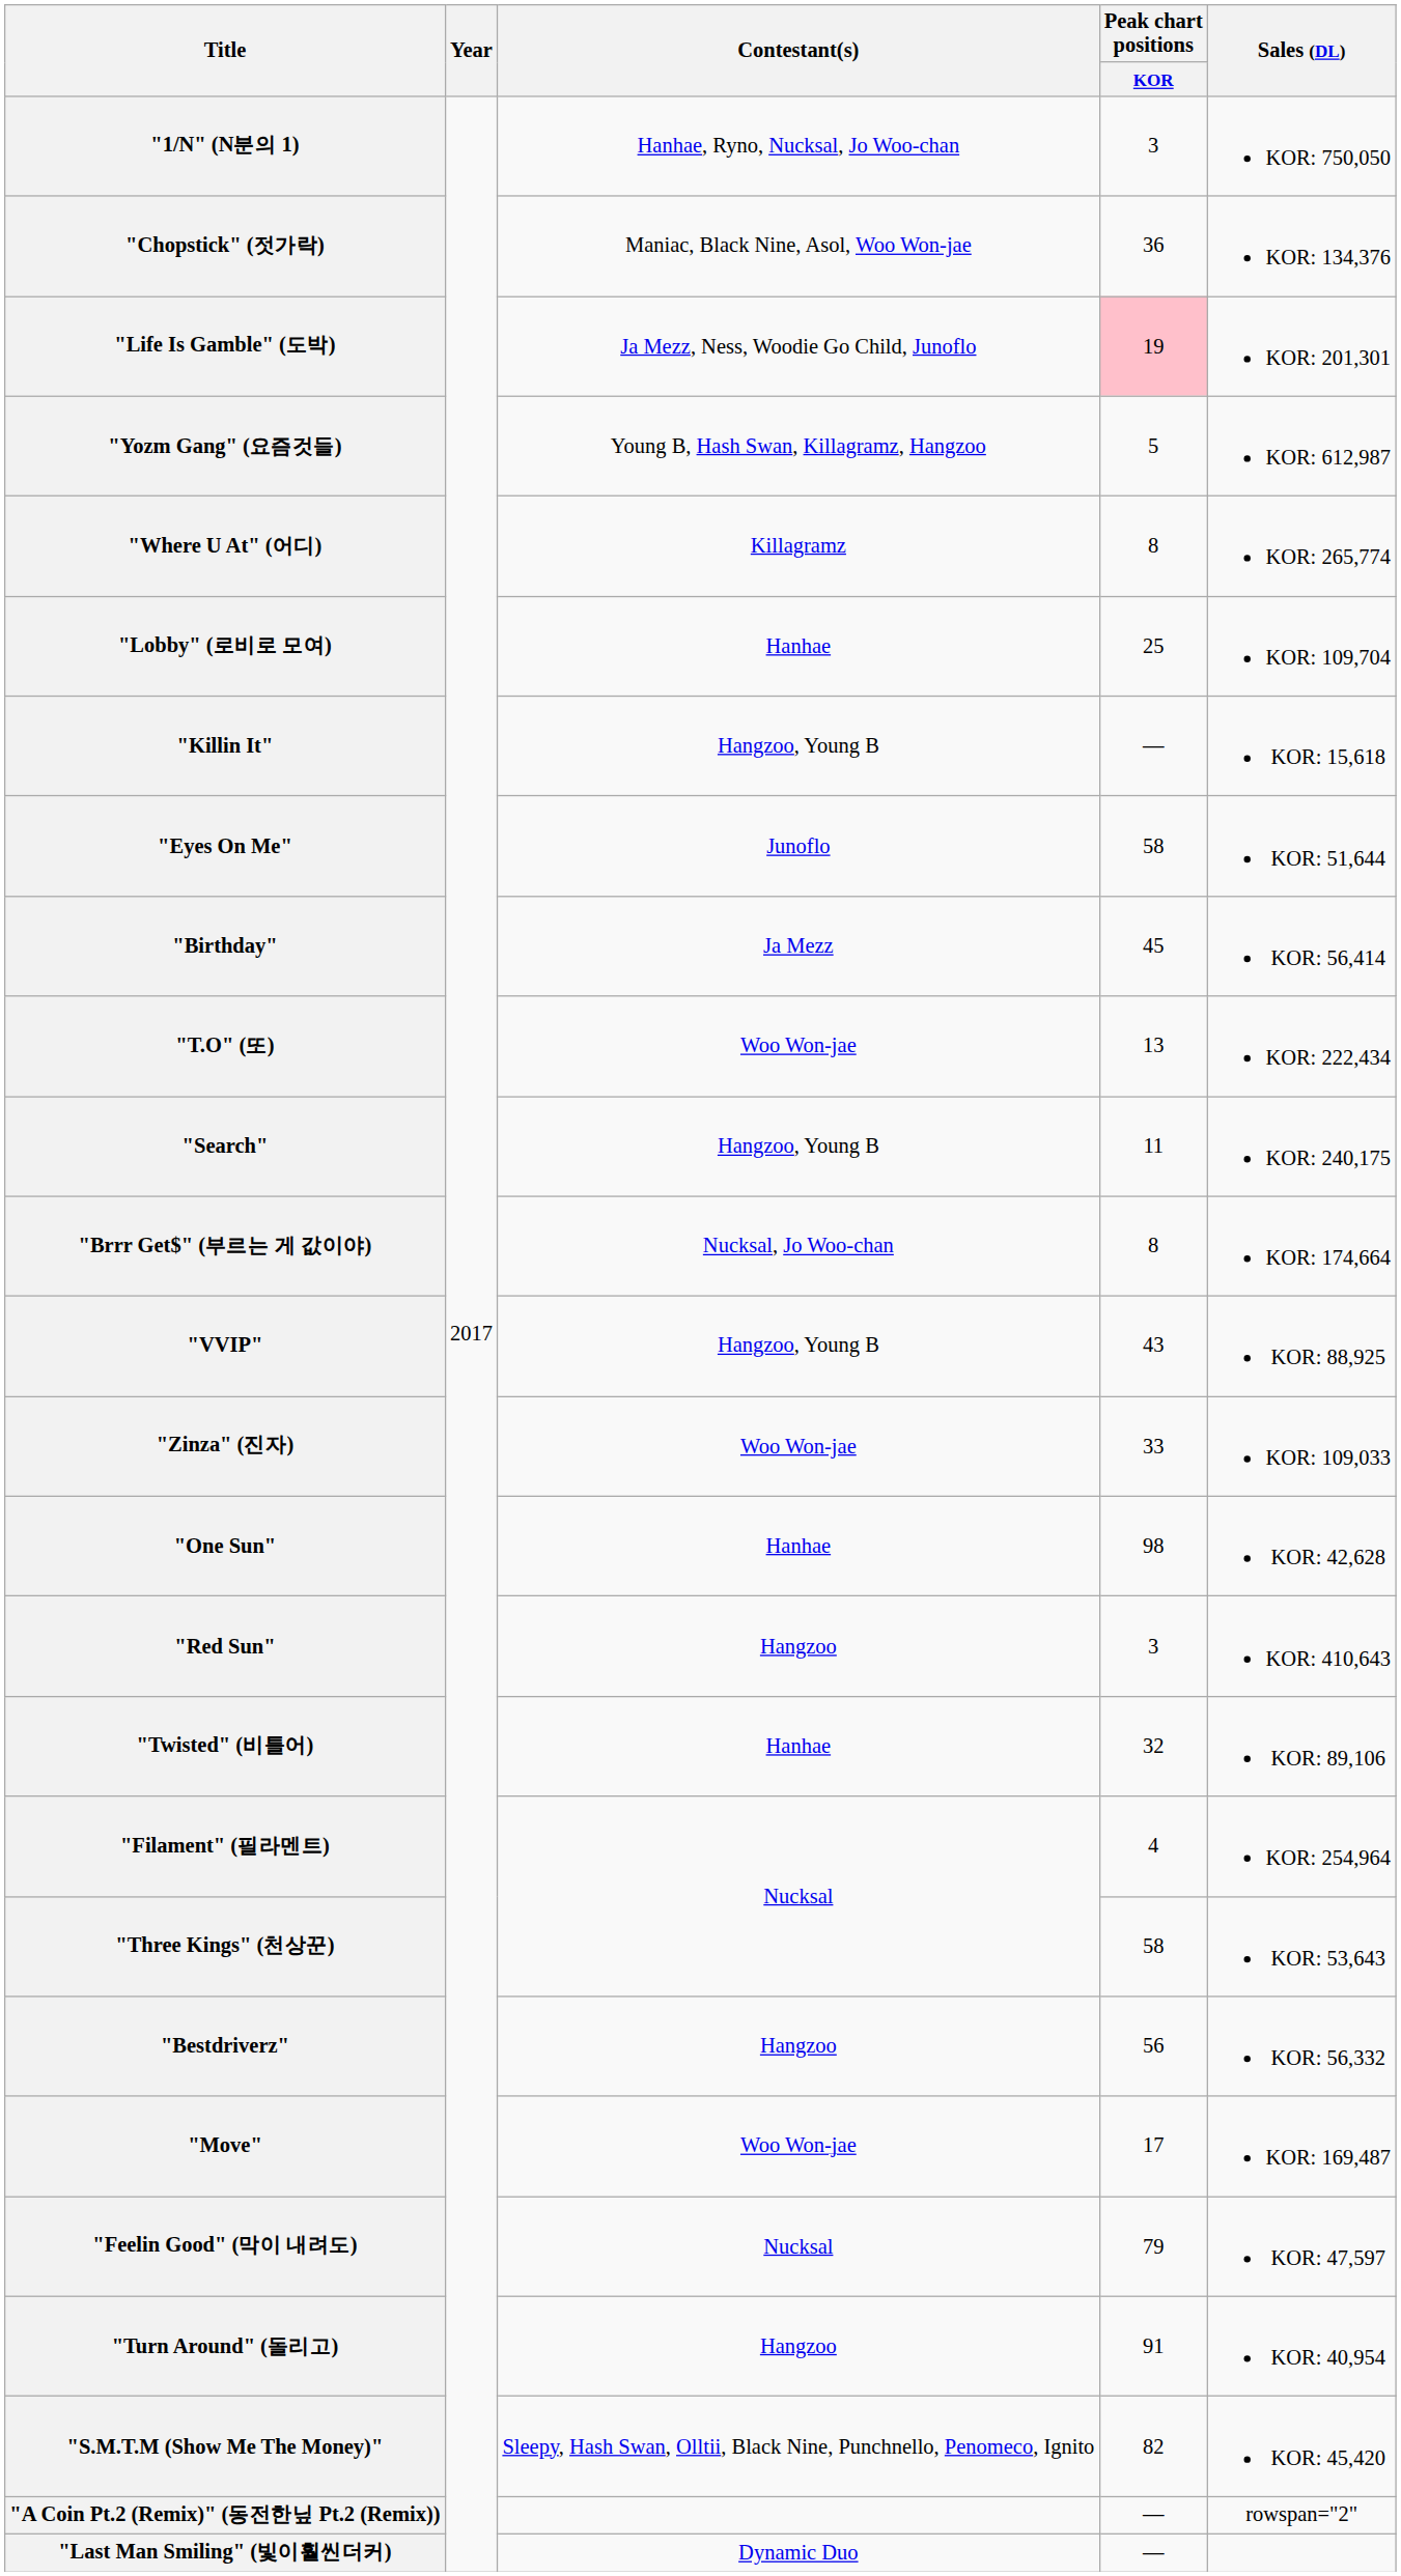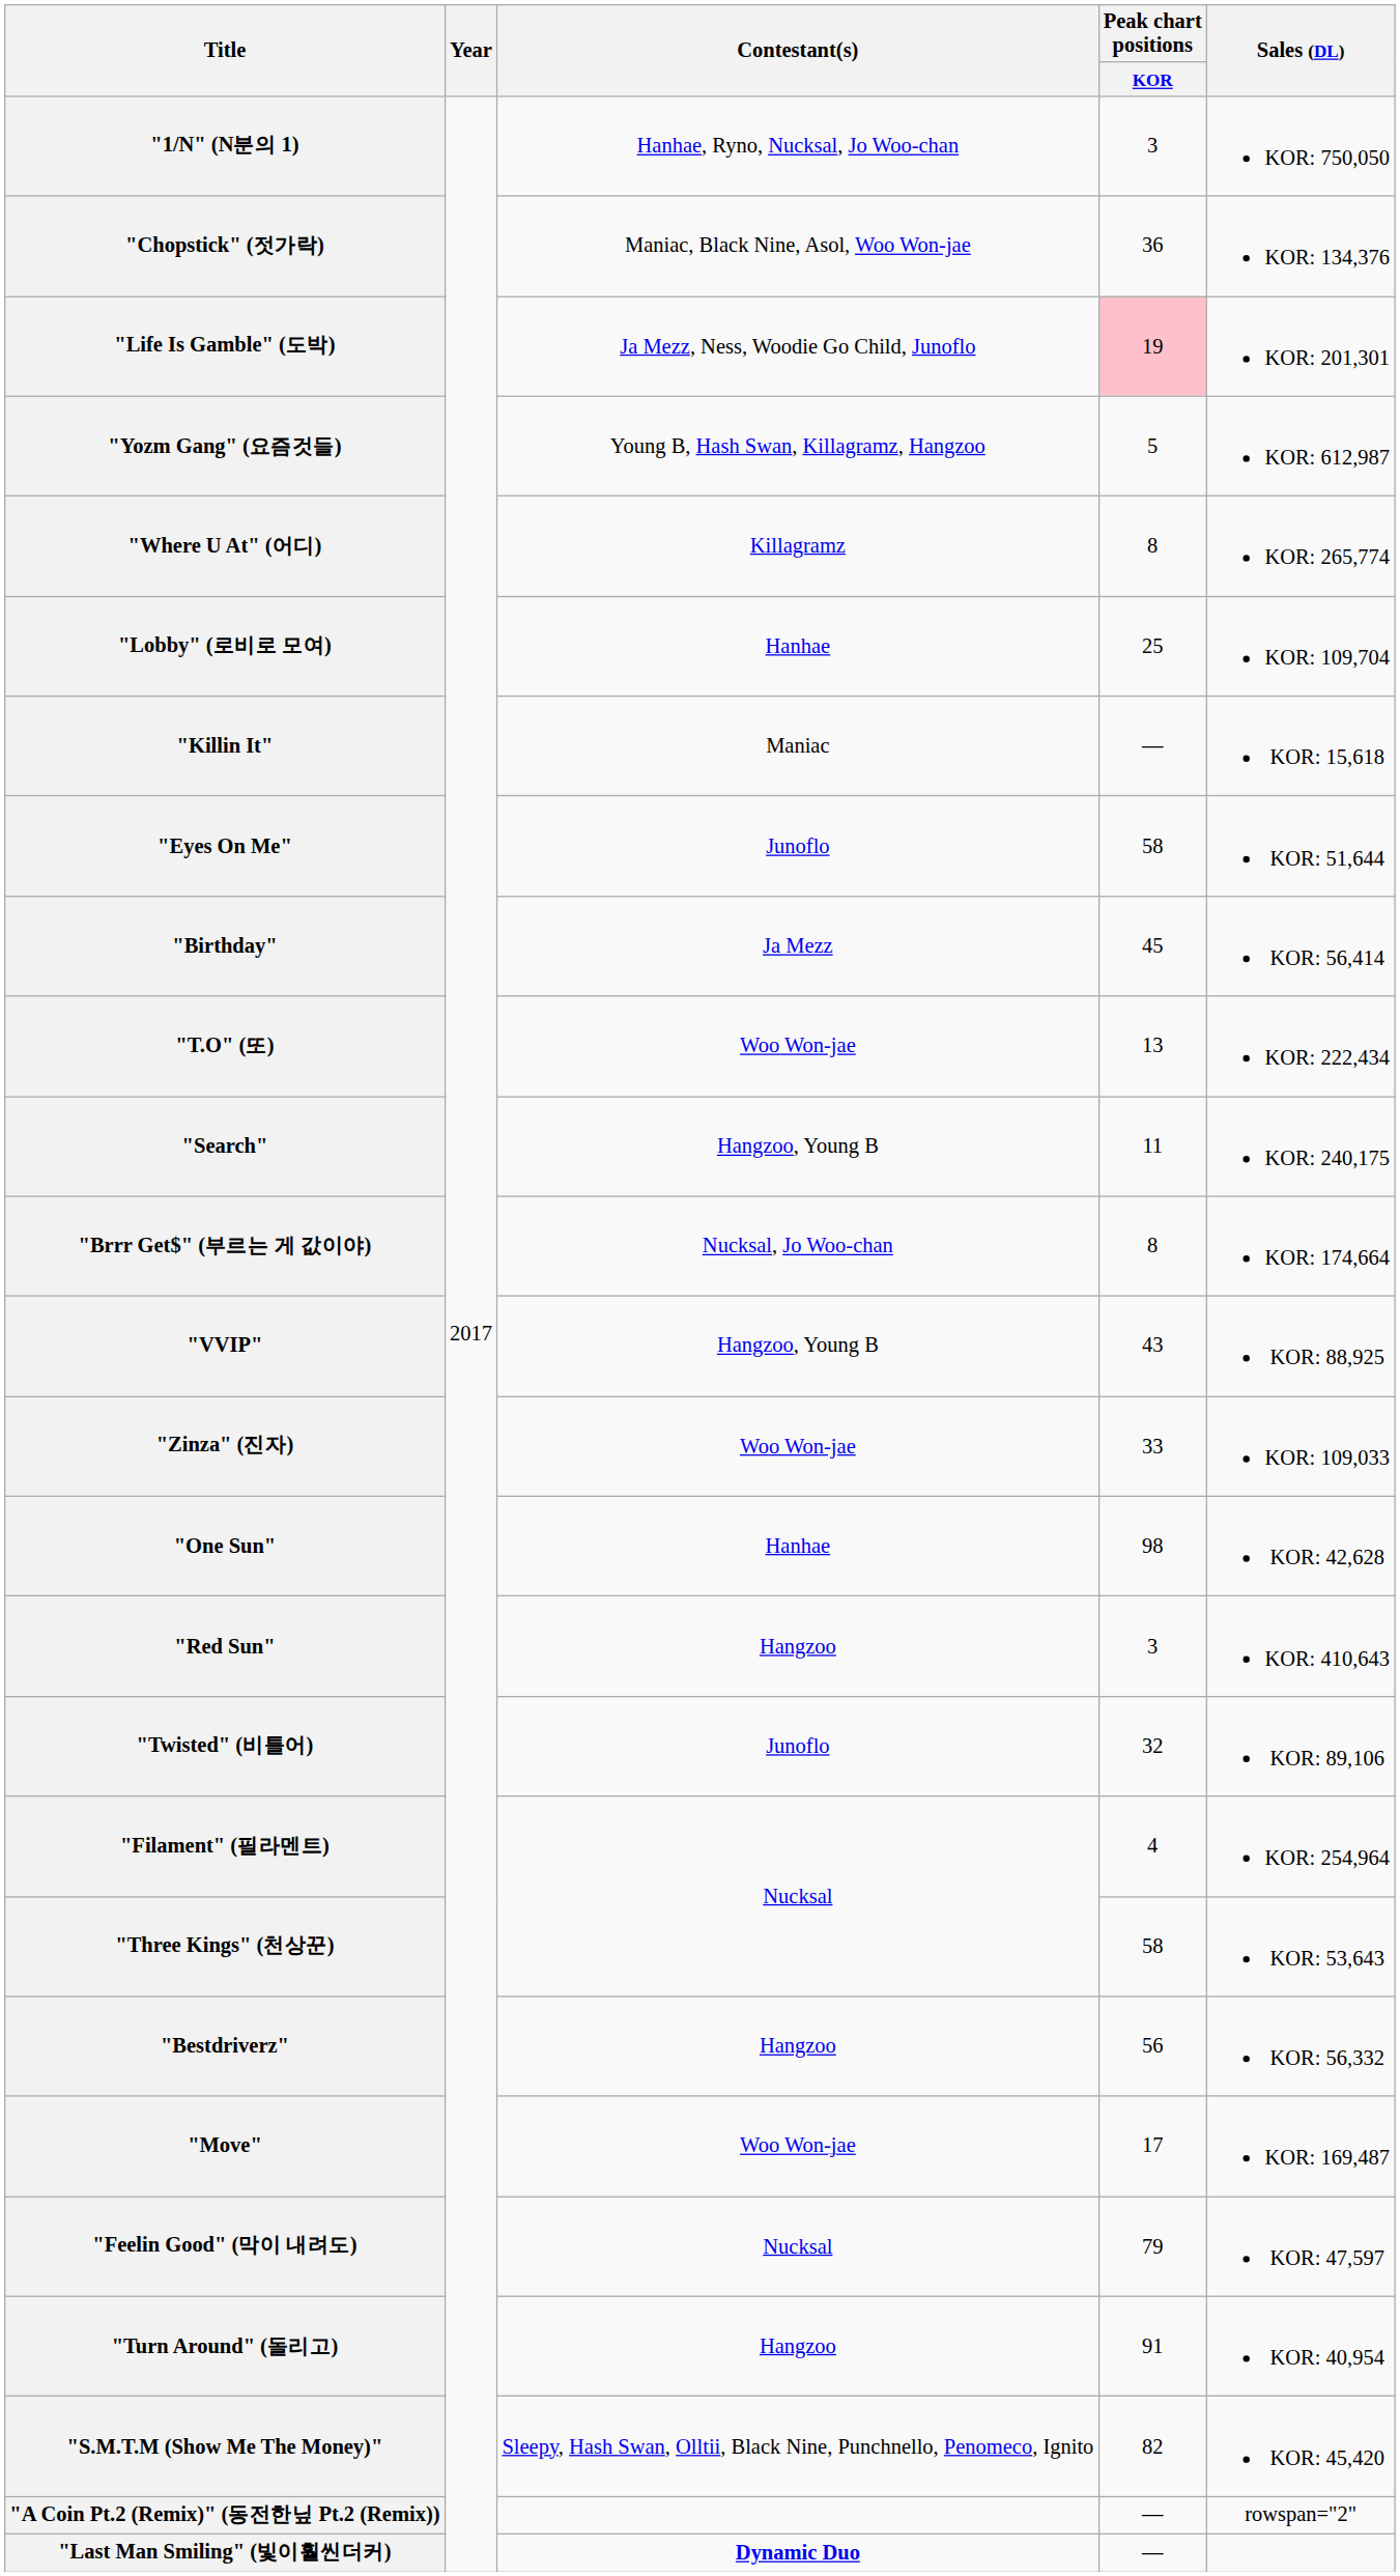 <table class="wikitable plainrowheaders" style="text-align:center">
 <tr>
 <th scope="col" rowspan="2">Title</th>
 <th scope="col" rowspan="2">Year</th>
 <th scope="col" rowspan="2">Contestant(s)</th>
 <th scope="col" colspan="1">Peak chart <br> positions</th>
 <th scope="col" rowspan="2">Sales <small>(<a href='#'>DL</a>)</small></th>
 </tr>
 <tr>
 <th><small><a href='#'>KOR</a></small><br></th>
 </tr>
 <tr>
 <th scope="row">"1/N" (N분의 1)<br></th>
 <td rowspan="26">2017</td>
 <td><a href='#'>Hanhae</a>, Ryno, <a href='#'>Nucksal</a>, <a href='#'>Jo Woo-chan</a></td>
 <td>3</td>
 <td><br><ul><li>KOR: 750,050</li></ul></td>
 </tr>
 <tr>
 <th scope="row">"Chopstick" (젓가락)<br></th>
 <td>Maniac, Black Nine, Asol, <a href='#'>Woo Won-jae</a></td>
 <td>36</td>
 <td><br><ul><li>KOR: 134,376</li></ul></td>
 </tr>
 <tr>
 <th scope="row">"Life Is Gamble" (도박)<br></th>
 <td><a href='#'>Ja Mezz</a>, Ness, Woodie Go Child, <a href='#'>Junoflo</a></td>
 <td style="background: pink;">19</td>
 <td><br><ul><li>KOR: 201,301</li></ul></td>
 </tr>
 <tr>
 <th scope="row">"Yozm Gang" (요즘것들)<br></th>
 <td>Young B, <a href='#'>Hash Swan</a>, <a href='#'>Killagramz</a>, <a href='#'>Hangzoo</a></td>
 <td>5</td>
 <td><br><ul><li>KOR: 612,987</li></ul></td>
 </tr>
 <tr>
 <th scope="row">"Where U At" (어디)<br></th>
 <td><a href='#'>Killagramz</a></td>
 <td>8</td>
 <td><br><ul><li>KOR: 265,774</li></ul></td>
 </tr>
 <tr>
 <th scope="row">"Lobby" (로비로 모여)<br></th>
 <td><a href='#'>Hanhae</a></td>
 <td>25</td>
 <td><br><ul><li>KOR: 109,704</li></ul></td>
 </tr>
 <tr>
 <th scope="row">"Killin It"<br></th>
-<td><a href='#'>Hangzoo</a>, Young B</td>
+<td>Maniac</td>
 <td>—</td>
 <td><br><ul><li>KOR: 15,618</li></ul></td>
 </tr>
 <tr>
 <th scope="row">"Eyes On Me"<br></th>
 <td><a href='#'>Junoflo</a></td>
 <td>58</td>
 <td><br><ul><li>KOR: 51,644</li></ul></td>
 </tr>
 <tr>
 <th scope="row">"Birthday"<br></th>
 <td><a href='#'>Ja Mezz</a></td>
 <td>45</td>
 <td><br><ul><li>KOR: 56,414</li></ul></td>
 </tr>
 <tr>
 <th scope="row">"T.O" (또)<br></th>
 <td><a href='#'>Woo Won-jae</a></td>
 <td>13</td>
 <td><br><ul><li>KOR: 222,434</li></ul></td>
 </tr>
 <tr>
 <th scope="row">"Search"<br></th>
 <td><a href='#'>Hangzoo</a>, Young B</td>
 <td>11</td>
 <td><br><ul><li>KOR: 240,175</li></ul></td>
 </tr>
 <tr>
 <th scope="row">"Brrr Get$" (부르는 게 값이야)<br></th>
 <td><a href='#'>Nucksal</a>, <a href='#'>Jo Woo-chan</a></td>
 <td>8</td>
 <td><br><ul><li>KOR: 174,664</li></ul></td>
 </tr>
 <tr>
 <th scope="row">"VVIP"<br></th>
 <td><a href='#'>Hangzoo</a>, Young B</td>
 <td>43</td>
 <td><br><ul><li>KOR: 88,925</li></ul></td>
 </tr>
 <tr>
 <th scope="row">"Zinza" (진자)<br></th>
 <td><a href='#'>Woo Won-jae</a></td>
 <td>33</td>
 <td><br><ul><li>KOR: 109,033</li></ul></td>
 </tr>
 <tr>
 <th scope="row">"One Sun"<br></th>
 <td><a href='#'>Hanhae</a></td>
 <td>98</td>
 <td><br><ul><li>KOR: 42,628</li></ul></td>
 </tr>
 <tr>
 <th scope="row">"Red Sun"<br></th>
 <td><a href='#'>Hangzoo</a></td>
 <td>3</td>
 <td><br><ul><li>KOR: 410,643</li></ul></td>
 </tr>
 <tr>
 <th scope="row">"Twisted" (비틀어)<br></th>
-<td><a href='#'>Hanhae</a></td>
+<td><a href='#'>Junoflo</a></td>
 <td>32</td>
 <td><br><ul><li>KOR: 89,106</li></ul></td>
 </tr>
 <tr>
 <th scope="row">"Filament" (필라멘트)<br></th>
 <td rowspan="2"><a href='#'>Nucksal</a></td>
 <td>4</td>
 <td><br><ul><li>KOR: 254,964</li></ul></td>
 </tr>
 <tr>
 <th scope="row">"Three Kings" (천상꾼)<br></th>
 <td>58</td>
 <td><br><ul><li>KOR: 53,643</li></ul></td>
 </tr>
 <tr>
 <th scope="row">"Bestdriverz"<br></th>
 <td><a href='#'>Hangzoo</a></td>
 <td>56</td>
 <td><br><ul><li>KOR: 56,332</li></ul></td>
 </tr>
 <tr>
 <th scope="row">"Move"<br></th>
 <td><a href='#'>Woo Won-jae</a></td>
 <td>17</td>
 <td><br><ul><li>KOR: 169,487</li></ul></td>
 </tr>
 <tr>
 <th scope="row">"Feelin Good" (막이 내려도)<br></th>
 <td><a href='#'>Nucksal</a></td>
 <td>79</td>
 <td><br><ul><li>KOR: 47,597</li></ul></td>
 </tr>
 <tr>
 <th scope="row">"Turn Around" (돌리고)<br></th>
 <td><a href='#'>Hangzoo</a></td>
 <td>91</td>
 <td><br><ul><li>KOR: 40,954</li></ul></td>
 </tr>
 <tr>
 <th scope="row">"S.M.T.M (Show Me The Money)"</th>
 <td><a href='#'>Sleepy</a>, <a href='#'>Hash Swan</a>, <a href='#'>Olltii</a>, Black Nine, Punchnello, <a href='#'>Penomeco</a>, Ignito</td>
 <td>82</td>
 <td><br><ul><li>KOR: 45,420</li></ul></td>
 </tr>
 <tr>
 <th scope="row">"A Coin Pt.2 (Remix)" (동전한닢 Pt.2 (Remix))</th>
 <td></td>
 <td>—</td>
 <td>rowspan="2" </td>
 </tr>
 <tr>
 <th scope="row">"Last Man Smiling" (빛이훨씬더커)</th>
-<td><a href='#'>Dynamic Duo</a></td>
+<td><strong><a href='#'>Dynamic Duo</a></strong></td>
 <td>—</td>
 </tr>
 <tr>
 </tr>
 </table>
